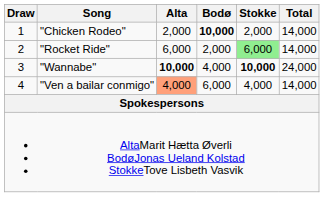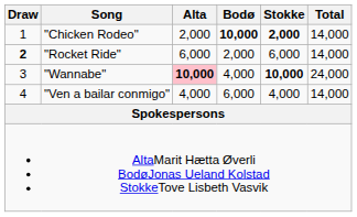 <table class="wikitable collapsible" style="margin: 1em auto 1em auto; text-align:center;">
 <tr>
 <th>Draw</th>
 <th>Song</th>
 <th>Alta</th>
 <th>Bodø</th>
 <th>Stokke</th>
 <th>Total</th>
 </tr>
 <tr>
 <td>1</td>
 <td style="text-align:left;">"Chicken Rodeo"</td>
 <td>2,000</td>
 <td><strong>10,000</strong></td>
-<td>2,000</td>
+<td><strong>2,000</strong></td>
 <td>14,000</td>
 </tr>
 <tr>
-<td>2</td>
+<td><strong>2</strong></td>
 <td style="text-align:left;">"Rocket Ride"</td>
 <td>6,000</td>
 <td>2,000</td>
-<td style="background: lightgreen;">6,000</td>
+<td>6,000</td>
 <td>14,000</td>
 </tr>
 <tr>
 <td>3</td>
 <td style="text-align:left;">"Wannabe"</td>
-<td><strong>10,000</strong></td>
+<td style="background: pink;"><strong>10,000</strong></td>
 <td>4,000</td>
 <td><strong>10,000</strong></td>
 <td>24,000</td>
 </tr>
 <tr>
 <td>4</td>
 <td style="text-align:left;">"Ven a bailar conmigo"</td>
-<td style="background: lightsalmon;">4,000</td>
+<td>4,000</td>
 <td>6,000</td>
 <td>4,000</td>
 <td>14,000</td>
 </tr>
 <tr>
 <th colspan="6">Spokespersons</th>
 </tr>
 <tr>
 <td colspan="6"><br><ul><li><a href='#'>Alta</a>Marit Hætta Øverli</li><li><a href='#'>Bodø</a><a href='#'>Jonas Ueland Kolstad</a></li><li><a href='#'>Stokke</a>Tove Lisbeth Vasvik</li></ul></td>
 </tr>
 </table>
